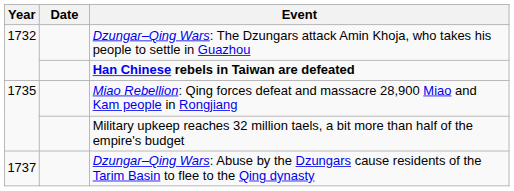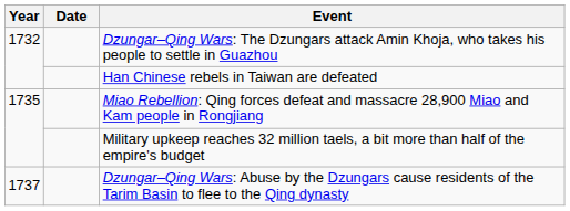 <table class="wikitable" style="width:100%;">
 <tr>
 <th style="width:6%">Year</th>
 <th style="width:10%">Date</th>
 <th>Event</th>
 </tr>
 <tr>
 <td rowspan="2" valign="top">1732</td>
 <td></td>
 <td><em><a href='#'>Dzungar–Qing Wars</a></em>: The Dzungars attack Amin Khoja, who takes his people to settle in <a href='#'>Guazhou</a></td>
 </tr>
 <tr>
 <td></td>
-<td><strong><a href='#'>Han Chinese</a> rebels in Taiwan are defeated</strong></td>
+<td><a href='#'>Han Chinese</a> rebels in Taiwan are defeated</td>
 </tr>
 <tr>
 <td rowspan="2" valign="top">1735</td>
 <td></td>
 <td><em><a href='#'>Miao Rebellion</a></em>: Qing forces defeat and massacre 28,900 <a href='#'>Miao</a> and <a href='#'>Kam people</a> in <a href='#'>Rongjiang</a></td>
 </tr>
 <tr>
 <td></td>
 <td>Military upkeep reaches 32 million taels, a bit more than half of the empire's budget</td>
 </tr>
 <tr>
 <td>1737</td>
 <td></td>
 <td><em><a href='#'>Dzungar–Qing Wars</a></em>: Abuse by the <a href='#'>Dzungars</a> cause residents of the <a href='#'>Tarim Basin</a> to flee to the <a href='#'>Qing dynasty</a></td>
 </tr>
 </table>
